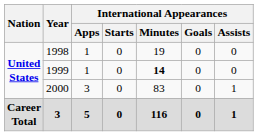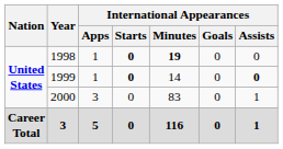 <table class="wikitable" style=font-size:90% text-align: center width=35%>
 <tr>
 <th rowspan=2 width=20%>Nation</th>
 <th rowspan=2 width=7%>Year</th>
 <th colspan=5 width=30%>International Appearances</th>
 </tr>
 <tr>
 <th align=center>Apps</th>
 <th align=center>Starts</th>
 <th align=center>Minutes</th>
 <th align=center>Goals</th>
 <th align=center>Assists</th>
 </tr>
 <tr>
 <td rowspan=3 align=center><strong><a href='#'>United States</a></strong></td>
 <td align=center>1998</td>
 <td align=center>1</td>
-<td align=center>0</td>
-<td align=center>19</td>
+<td align=center><strong>0</strong></td>
+<td align=center><strong>19</strong></td>
 <td align=center>0</td>
 <td align=center>0</td>
 </tr>
 <tr>
 <td align=center>1999</td>
 <td align=center>1</td>
+<td align=center><strong>0</strong></td>
+<td align=center>14</td>
 <td align=center>0</td>
-<td align=center><strong>14</strong></td>
-<td align=center>0</td>
-<td align=center>0</td>
+<td align=center><strong>0</strong></td>
 </tr>
 <tr>
 <td align=center>2000</td>
 <td align=center>3</td>
 <td align=center>0</td>
 <td align=center>83</td>
 <td align=center>0</td>
 <td align=center>1</td>
 </tr>
 <tr>
 <th style="background: #DCDCDC" align=center>Career Total</th>
 <th style="background: #DCDCDC" align=center>3</th>
 <th style="background: #DCDCDC" align=center>5</th>
 <th style="background: #DCDCDC" align=center>0</th>
 <th style="background: #DCDCDC" align=center>116</th>
 <th style="background: #DCDCDC" align=center>0</th>
 <th style="background: #DCDCDC" align=center>1</th>
 </tr>
 </table>
